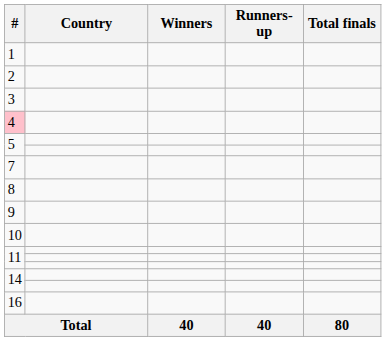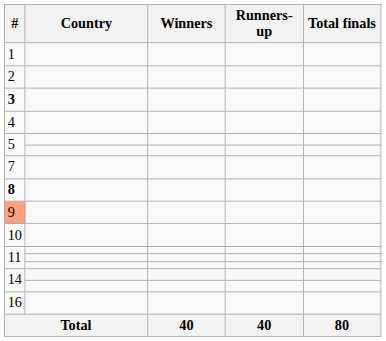 <table class="wikitable">
 <tr>
 <th width=10>#</th>
 <th width=130>Country</th>
 <th width=80>Winners</th>
 <th width=80>Runners-up</th>
 <th width=80>Total finals</th>
 </tr>
 <tr>
 <td>1</td>
 <td><em></em></td>
 <td></td>
 <td></td>
 <td></td>
 </tr>
 <tr>
 <td>2</td>
 <td></td>
 <td></td>
 <td></td>
 <td></td>
 </tr>
 <tr>
-<td>3</td>
+<td><strong>3</strong></td>
 <td></td>
 <td></td>
 <td></td>
 <td></td>
 </tr>
 <tr>
-<td style="background: pink;">4</td>
+<td>4</td>
 <td></td>
 <td></td>
 <td></td>
 <td></td>
 </tr>
 <tr>
 <td rowspan=2>5</td>
 <td></td>
 <td></td>
 <td></td>
 <td></td>
 </tr>
 <tr>
 <td><em></em></td>
 <td></td>
 <td></td>
 <td></td>
 </tr>
 <tr>
 <td>7</td>
 <td></td>
 <td></td>
 <td></td>
 <td></td>
 </tr>
 <tr>
-<td>8</td>
+<td><strong>8</strong></td>
 <td><em></em></td>
 <td></td>
 <td></td>
 <td></td>
 </tr>
 <tr>
-<td>9</td>
+<td style="background: lightsalmon;">9</td>
 <td></td>
 <td></td>
 <td></td>
 <td></td>
 </tr>
 <tr>
 <td>10</td>
 <td></td>
 <td></td>
 <td></td>
 <td></td>
 </tr>
 <tr>
 <td rowspan=3>11</td>
 <td></td>
 <td></td>
 <td></td>
 <td></td>
 </tr>
 <tr>
 <td></td>
 <td></td>
 <td></td>
 <td></td>
 </tr>
 <tr>
 <td></td>
 <td></td>
 <td></td>
 <td></td>
 </tr>
 <tr>
 <td rowspan=2>14</td>
 <td></td>
 <td></td>
 <td></td>
 <td></td>
 </tr>
 <tr>
 <td></td>
 <td></td>
 <td></td>
 <td></td>
 </tr>
 <tr>
 <td>16</td>
 <td></td>
 <td></td>
 <td></td>
 <td></td>
 </tr>
 <tr>
 <th colspan=2>Total</th>
 <th>40</th>
 <th>40</th>
 <th>80</th>
 </tr>
 </table>
